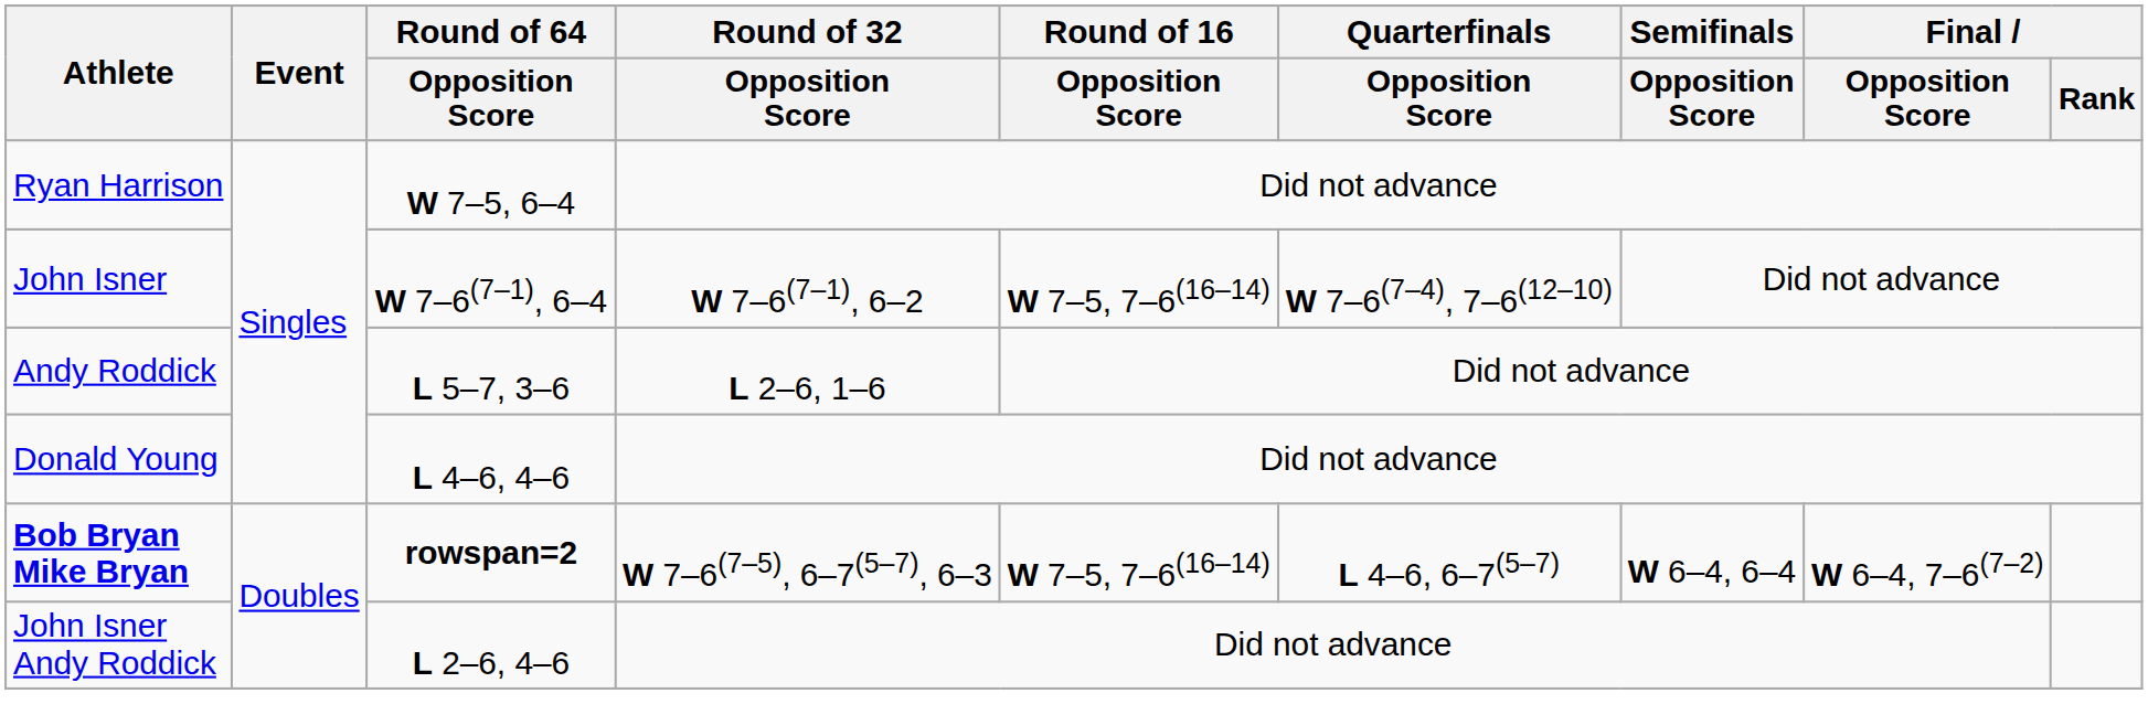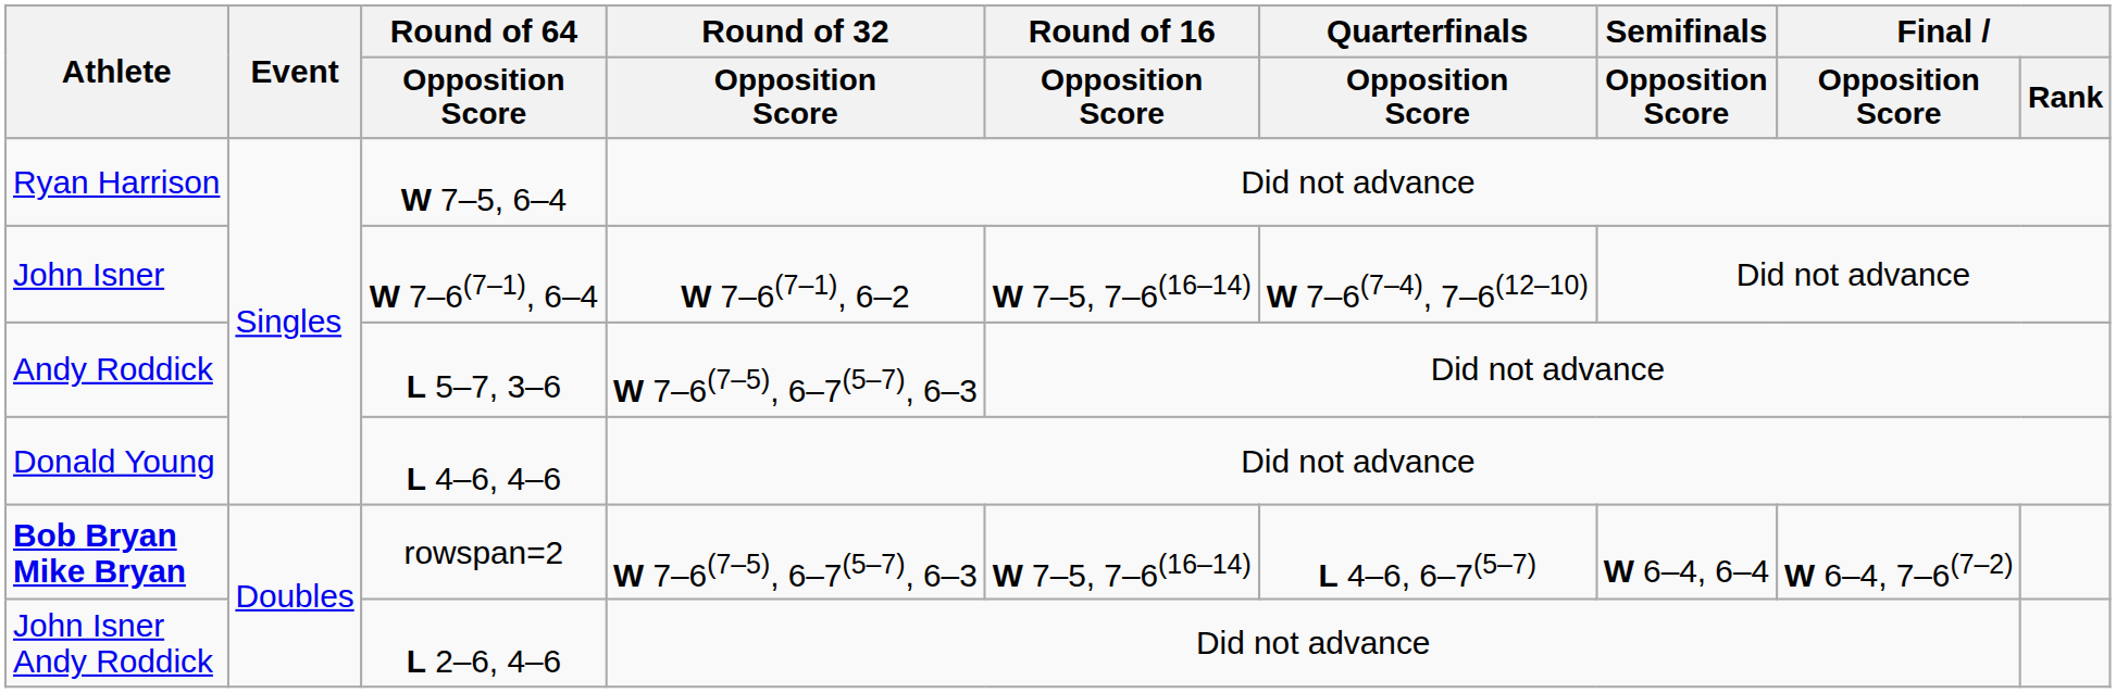 <table class=wikitable style=font-size:90%;text-align:center>
 <tr>
 <th rowspan=2>Athlete</th>
 <th rowspan=2>Event</th>
 <th>Round of 64</th>
 <th>Round of 32</th>
 <th>Round of 16</th>
 <th>Quarterfinals</th>
 <th>Semifinals</th>
 <th colspan=2>Final / </th>
 </tr>
 <tr style=font-size:95%>
 <th>Opposition<br>Score</th>
 <th>Opposition<br>Score</th>
 <th>Opposition<br>Score</th>
 <th>Opposition<br>Score</th>
 <th>Opposition<br>Score</th>
 <th>Opposition<br>Score</th>
 <th>Rank</th>
 </tr>
 <tr>
 <td align=left><a href='#'>Ryan Harrison</a></td>
 <td align=left rowspan=4><a href='#'>Singles</a></td>
 <td><br><strong>W</strong> 7–5, 6–4</td>
 <td colspan=6>Did not advance</td>
 </tr>
 <tr>
 <td align=left><a href='#'>John Isner</a></td>
 <td><br><strong>W</strong> 7–6<sup>(7–1)</sup>, 6–4</td>
 <td><br><strong>W</strong> 7–6<sup>(7–1)</sup>, 6–2</td>
 <td><br><strong>W</strong> 7–5, 7–6<sup>(16–14)</sup></td>
 <td><br><strong>W</strong> 7–6<sup>(7–4)</sup>, 7–6<sup>(12–10)</sup></td>
 <td colspan=3>Did not advance</td>
 </tr>
 <tr>
 <td align=left><a href='#'>Andy Roddick</a></td>
 <td><br><strong>L</strong> 5–7, 3–6</td>
-<td><br><strong>L</strong> 2–6, 1–6</td>
+<td><br><strong>W</strong> 7–6<sup>(7–5)</sup>, 6–7<sup>(5–7)</sup>, 6–3</td>
 <td colspan=5>Did not advance</td>
 </tr>
 <tr>
 <td align=left><a href='#'>Donald Young</a></td>
 <td><br><strong>L</strong> 4–6, 4–6</td>
 <td colspan=6>Did not advance</td>
 </tr>
 <tr>
 <td align=left><strong><a href='#'>Bob Bryan</a><br><a href='#'>Mike Bryan</a></strong></td>
 <td align=left rowspan=2><a href='#'>Doubles</a></td>
-<td><strong>rowspan=2 </strong></td>
+<td>rowspan=2 </td>
 <td><br><strong>W</strong> 7–6<sup>(7–5)</sup>, 6–7<sup>(5–7)</sup>, 6–3</td>
 <td><br><strong>W</strong> 7–5, 7–6<sup>(16–14)</sup></td>
 <td><br><strong>L</strong> 4–6, 6–7<sup>(5–7)</sup></td>
 <td><br><strong>W</strong> 6–4, 6–4</td>
 <td><br><strong>W</strong> 6–4, 7–6<sup>(7–2)</sup></td>
 <td></td>
 </tr>
 <tr>
 <td align=left><a href='#'>John Isner</a><br><a href='#'>Andy Roddick</a></td>
 <td><br><strong>L</strong> 2–6, 4–6</td>
 <td colspan=5>Did not advance</td>
 </tr>
 </table>
